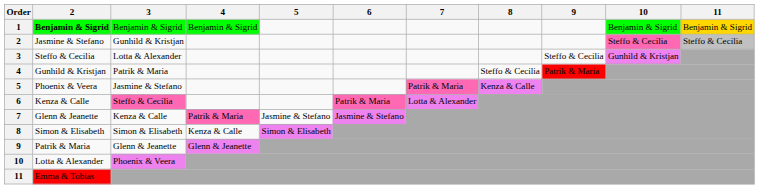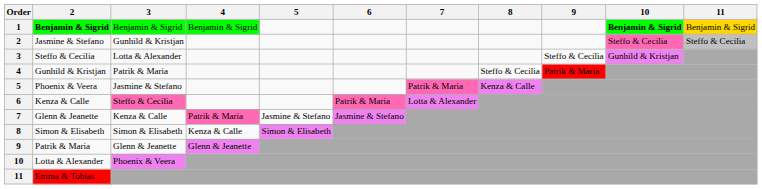 <table class="wikitable" style="text-align:left; font-size:80%; line-height:15px;">
 <tr>
 <th>Order</th>
 <th>2</th>
 <th>3</th>
 <th>4</th>
 <th>5</th>
 <th>6</th>
 <th>7</th>
 <th>8</th>
 <th>9</th>
 <th>10</th>
 <th>11</th>
 </tr>
 <tr>
 <th>1</th>
 <td bgcolor="lime"><strong>Benjamin & Sigrid</strong></td>
 <td bgcolor="lime">Benjamin & Sigrid</td>
 <td bgcolor="lime">Benjamin & Sigrid</td>
 <td></td>
 <td></td>
 <td></td>
 <td></td>
 <td></td>
-<td bgcolor="lime">Benjamin & Sigrid</td>
+<td bgcolor="lime"><strong>Benjamin & Sigrid</strong></td>
 <td bgcolor="gold">Benjamin & Sigrid</td>
 </tr>
 <tr>
 <th>2</th>
 <td>Jasmine & Stefano</td>
 <td>Gunhild & Kristjan</td>
 <td></td>
 <td></td>
 <td></td>
 <td></td>
 <td></td>
 <td></td>
 <td bgcolor="hotpink">Steffo & Cecilia</td>
 <td bgcolor="silver">Steffo & Cecilia</td>
 </tr>
 <tr>
 <th>3</th>
 <td>Steffo & Cecilia</td>
 <td>Lotta & Alexander</td>
 <td></td>
 <td></td>
 <td></td>
 <td></td>
 <td></td>
 <td>Steffo & Cecilia</td>
 <td bgcolor="violet">Gunhild & Kristjan</td>
 <td bgcolor="darkgray"></td>
 </tr>
 <tr>
 <th>4</th>
 <td>Gunhild & Kristjan</td>
 <td>Patrik & Maria</td>
 <td></td>
 <td></td>
 <td></td>
 <td></td>
 <td>Steffo & Cecilia</td>
 <td bgcolor="red">Patrik & Maria</td>
 <td bgcolor="darkgray" colspan="2"></td>
 </tr>
 <tr>
 <th>5</th>
 <td>Phoenix & Veera</td>
 <td>Jasmine & Stefano</td>
 <td></td>
 <td></td>
 <td></td>
 <td bgcolor="hotpink">Patrik & Maria</td>
 <td bgcolor="violet">Kenza & Calle</td>
 <td bgcolor="darkgray" colspan="3"></td>
 </tr>
 <tr>
 <th>6</th>
 <td>Kenza & Calle</td>
 <td bgcolor="hotpink">Steffo & Cecilia</td>
 <td></td>
 <td></td>
 <td bgcolor="hotpink">Patrik & Maria</td>
 <td bgcolor="violet">Lotta & Alexander</td>
 <td bgcolor="darkgray" colspan="4"></td>
 </tr>
 <tr>
 <th>7</th>
 <td>Glenn & Jeanette</td>
 <td>Kenza & Calle</td>
 <td bgcolor="hotpink">Patrik & Maria</td>
 <td>Jasmine & Stefano</td>
 <td bgcolor="violet">Jasmine & Stefano</td>
 <td bgcolor="darkgray" colspan="5"></td>
 </tr>
 <tr>
 <th>8</th>
 <td>Simon & Elisabeth</td>
 <td>Simon & Elisabeth</td>
 <td>Kenza & Calle</td>
 <td bgcolor="violet">Simon & Elisabeth</td>
 <td bgcolor="darkgray" colspan="6"></td>
 </tr>
 <tr>
 <th>9</th>
 <td>Patrik & Maria</td>
 <td>Glenn & Jeanette</td>
 <td bgcolor="violet">Glenn & Jeanette</td>
 <td bgcolor="darkgray" colspan="7"></td>
 </tr>
 <tr>
 <th>10</th>
 <td>Lotta & Alexander</td>
 <td bgcolor="violet">Phoenix & Veera</td>
 <td bgcolor="darkgray" colspan="8"></td>
 </tr>
 <tr>
 <th>11</th>
 <td bgcolor="red">Emma & Tobias</td>
 <td bgcolor="darkgray" colspan="9"></td>
 </tr>
 </table>
